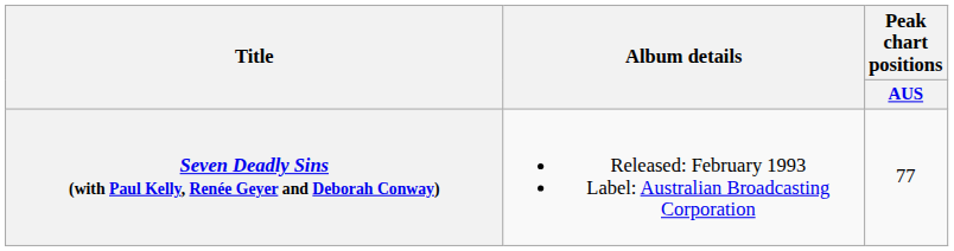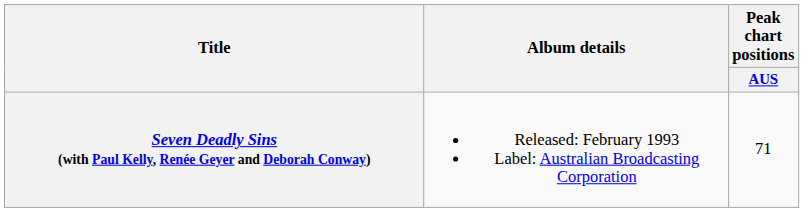 <table class="wikitable plainrowheaders" style="text-align:center;">
 <tr>
 <th scope="col" rowspan="2" style="width:25em;">Title</th>
 <th scope="col" rowspan="2" style="width:18em;">Album details</th>
 <th colspan="1">Peak chart positions</th>
 </tr>
 <tr>
 <th scope="col" style="width:3em; font-size:90%"><a href='#'>AUS</a><br></th>
 </tr>
 <tr>
 <th scope="row"><em><a href='#'>Seven Deadly Sins</a></em> <br> <small> (with <a href='#'>Paul Kelly</a>, <a href='#'>Renée Geyer</a> and <a href='#'>Deborah Conway</a>)</small></th>
 <td><br><ul><li>Released: February 1993</li><li>Label: <a href='#'>Australian Broadcasting Corporation</a></li></ul></td>
-<td>77</td>
+<td>71</td>
 </tr>
 </table>
